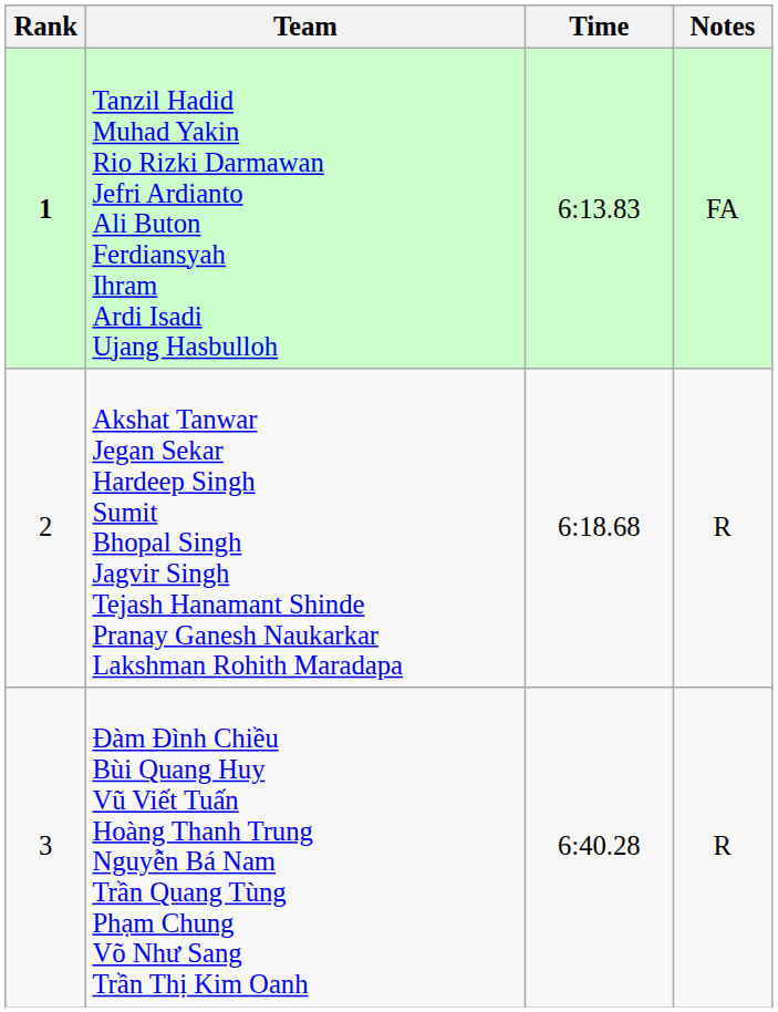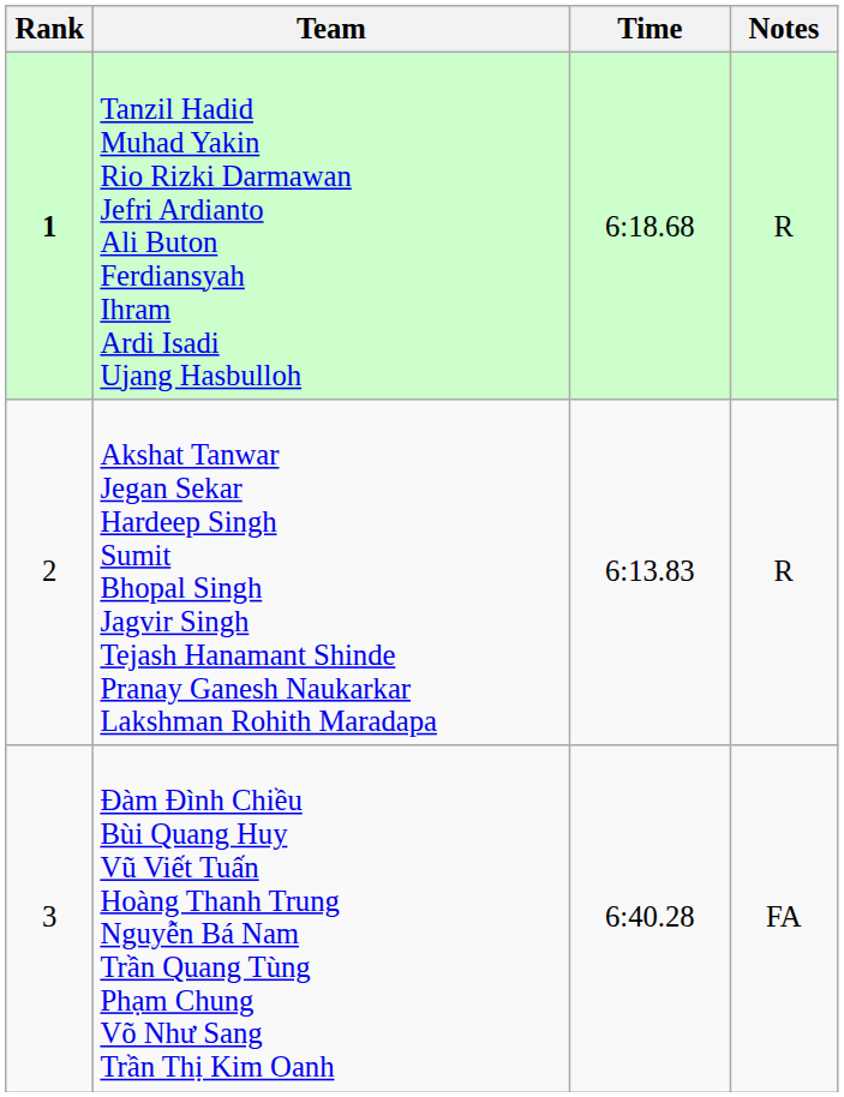 <table class=wikitable style="text-align:center">
 <tr>
 <th width=40>Rank</th>
 <th width=250>Team</th>
 <th width=80>Time</th>
 <th width=50>Notes</th>
 </tr>
 <tr bgcolor="ccffcc">
 <td><strong>1</strong></td>
 <td align="left"><br><a href='#'>Tanzil Hadid</a><br><a href='#'>Muhad Yakin</a><br><a href='#'>Rio Rizki Darmawan</a><br><a href='#'>Jefri Ardianto</a><br><a href='#'>Ali Buton</a><br><a href='#'>Ferdiansyah</a><br><a href='#'>Ihram</a><br><a href='#'>Ardi Isadi</a><br><a href='#'>Ujang Hasbulloh</a></td>
-<td>6:13.83</td>
-<td>FA</td>
+<td>6:18.68</td>
+<td>R</td>
 </tr>
 <tr>
 <td>2</td>
 <td align="left"><br><a href='#'>Akshat Tanwar</a><br><a href='#'>Jegan Sekar</a><br><a href='#'>Hardeep Singh</a><br><a href='#'>Sumit</a><br><a href='#'>Bhopal Singh</a><br><a href='#'>Jagvir Singh</a><br><a href='#'>Tejash Hanamant Shinde</a><br><a href='#'>Pranay Ganesh Naukarkar</a><br><a href='#'>Lakshman Rohith Maradapa</a></td>
-<td>6:18.68</td>
+<td>6:13.83</td>
 <td>R</td>
 </tr>
 <tr>
 <td>3</td>
 <td align="left"><br><a href='#'>Đàm Đình Chiều</a><br><a href='#'>Bùi Quang Huy</a><br><a href='#'>Vũ Viết Tuấn</a><br><a href='#'>Hoàng Thanh Trung</a><br><a href='#'>Nguyễn Bá Nam</a><br><a href='#'>Trần Quang Tùng</a><br><a href='#'>Phạm Chung</a><br><a href='#'>Võ Như Sang</a><br><a href='#'>Trần Thị Kim Oanh</a></td>
 <td>6:40.28</td>
-<td>R</td>
+<td>FA</td>
 </tr>
 </table>
